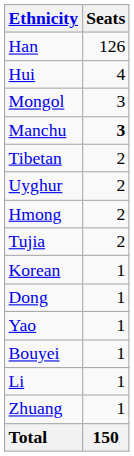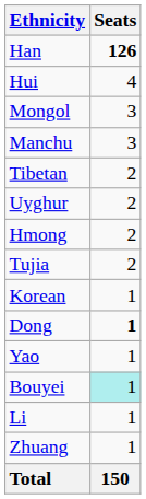 <table class="wikitable" style="text-align:right">
 <tr>
 <th align=left><a href='#'>Ethnicity</a></th>
 <th>Seats</th>
 </tr>
 <tr>
 <td style="text-align:left;"><a href='#'>Han</a></td>
-<td>126</td>
+<td><strong>126</strong></td>
 </tr>
 <tr>
 <td style="text-align:left;"><a href='#'>Hui</a></td>
 <td>4</td>
 </tr>
 <tr>
 <td style="text-align:left;"><a href='#'>Mongol</a></td>
 <td>3</td>
 </tr>
 <tr>
 <td style="text-align:left;"><a href='#'>Manchu</a></td>
-<td><strong>3</strong></td>
+<td>3</td>
 </tr>
 <tr>
 <td style="text-align:left;"><a href='#'>Tibetan</a></td>
 <td>2</td>
 </tr>
 <tr>
 <td style="text-align:left;"><a href='#'>Uyghur</a></td>
 <td>2</td>
 </tr>
 <tr>
 <td style="text-align:left;"><a href='#'>Hmong</a></td>
 <td>2</td>
 </tr>
 <tr>
 <td style="text-align:left;"><a href='#'>Tujia</a></td>
 <td>2</td>
 </tr>
 <tr>
 <td style="text-align:left;"><a href='#'>Korean</a></td>
 <td>1</td>
 </tr>
 <tr>
 <td style="text-align:left;"><a href='#'>Dong</a></td>
-<td>1</td>
+<td><strong>1</strong></td>
 </tr>
 <tr>
 <td style="text-align:left;"><a href='#'>Yao</a></td>
 <td>1</td>
 </tr>
 <tr>
 <td style="text-align:left;"><a href='#'>Bouyei</a></td>
-<td>1</td>
+<td style="background: paleturquoise;">1</td>
 </tr>
 <tr>
 <td style="text-align:left;"><a href='#'>Li</a></td>
 <td>1</td>
 </tr>
 <tr>
 <td style="text-align:left;"><a href='#'>Zhuang</a></td>
 <td>1</td>
 </tr>
 <tr>
 <th style="text-align:left;"><strong>Total</strong></th>
 <th><strong>150</strong></th>
 </tr>
 </table>
